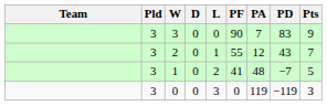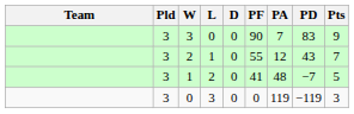 <table class="wikitable" style="text-align:center;">
 <tr>
 <th width=175>Team</th>
 <th width=20 abbr="Played">Pld</th>
 <th width=20 abbr="Won">W</th>
+<th width=20 abbr="Lost">L</th>
 <th width=20 abbr="Drawn">D</th>
-<th width=20 abbr="Lost">L</th>
 <th width=20 abbr="Points for">PF</th>
 <th width=20 abbr="Points against">PA</th>
 <th width=25 abbr="Points difference">PD</th>
 <th width=20 abbr="Points">Pts</th>
 </tr>
 <tr bgcolor=ccffcc>
 <td style="text-align:left;"></td>
 <td>3</td>
 <td>3</td>
 <td>0</td>
 <td>0</td>
 <td>90</td>
 <td>7</td>
 <td>83</td>
 <td>9</td>
 </tr>
 <tr bgcolor=ccffcc>
 <td style="text-align:left;"></td>
 <td>3</td>
 <td>2</td>
+<td>1</td>
 <td>0</td>
-<td>1</td>
 <td>55</td>
 <td>12</td>
 <td>43</td>
 <td>7</td>
 </tr>
 <tr bgcolor=ccffcc>
 <td style="text-align:left;"></td>
 <td>3</td>
 <td>1</td>
+<td>2</td>
 <td>0</td>
-<td>2</td>
 <td>41</td>
 <td>48</td>
 <td>−7</td>
 <td>5</td>
 </tr>
 <tr>
 <td style="text-align:left;"></td>
 <td>3</td>
 <td>0</td>
+<td>3</td>
 <td>0</td>
-<td>3</td>
 <td>0</td>
 <td>119</td>
 <td>−119</td>
 <td>3</td>
 </tr>
 </table>
